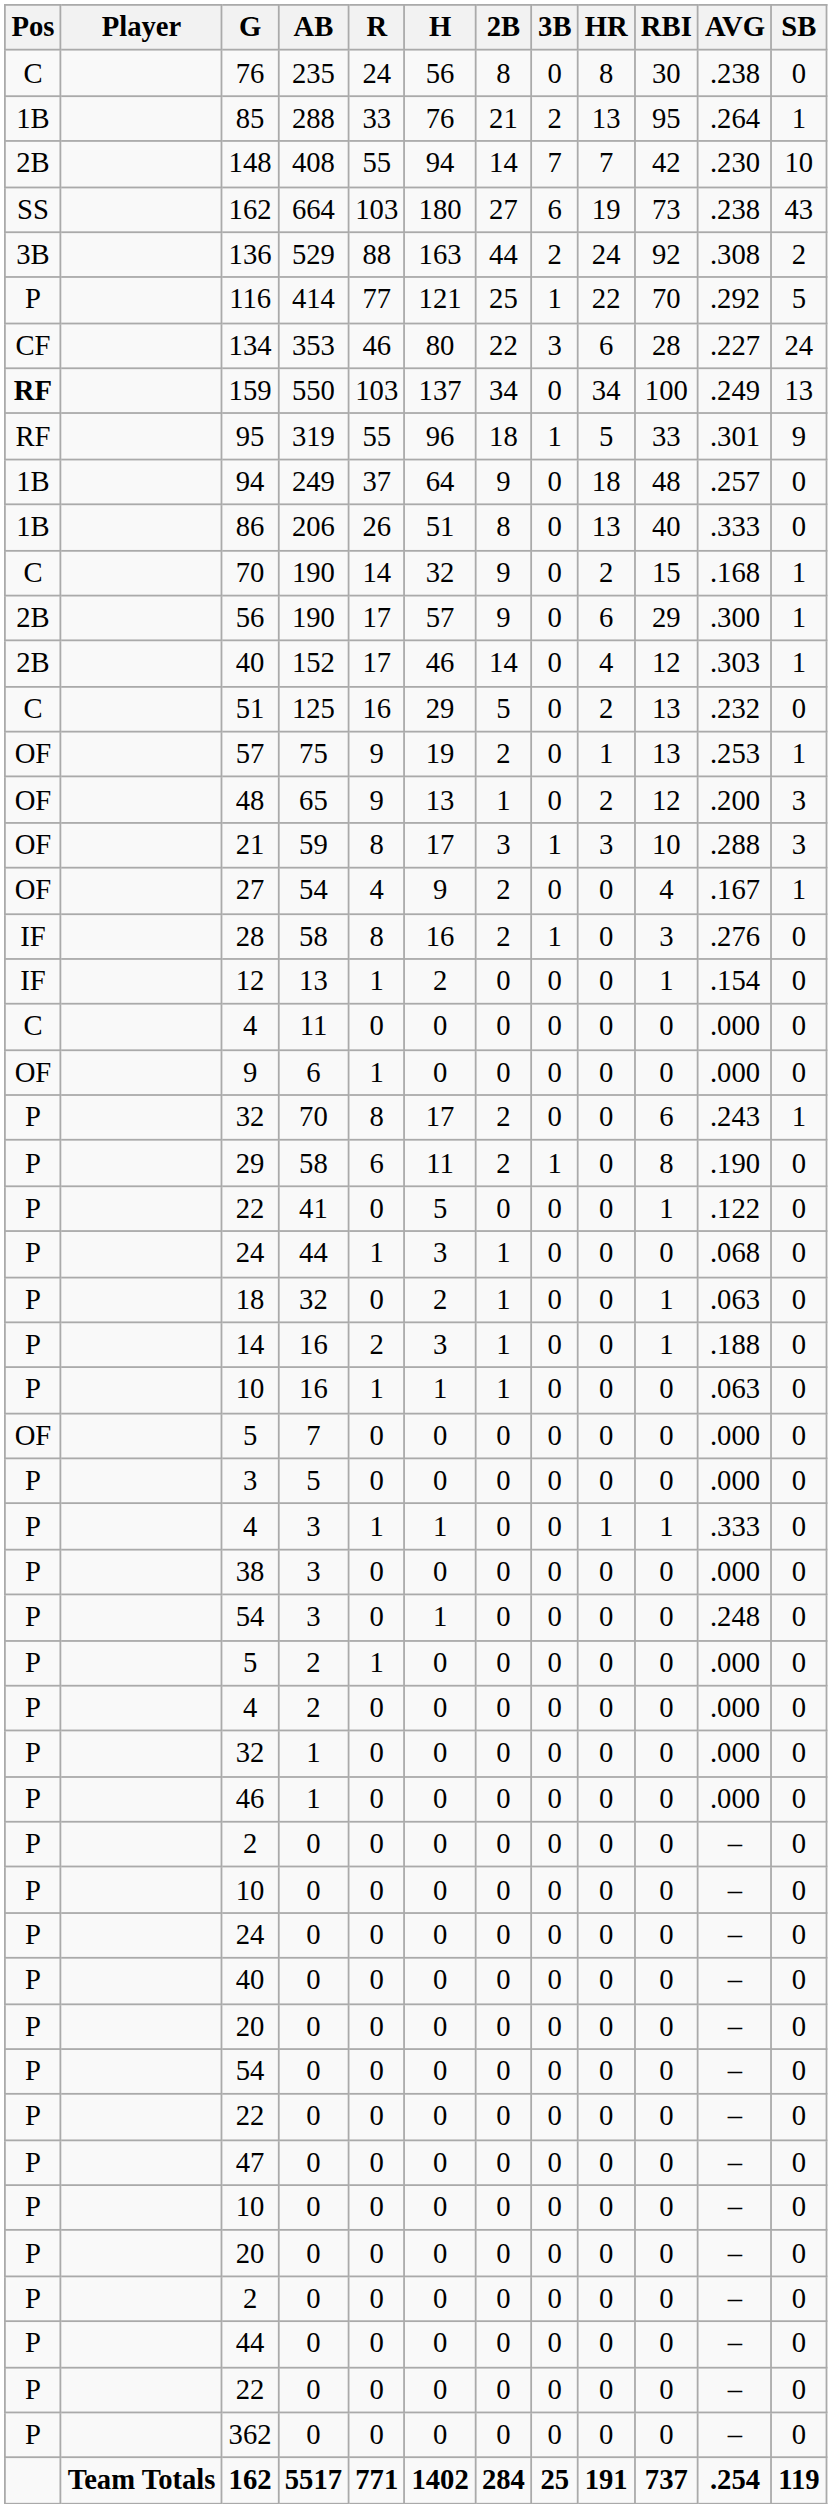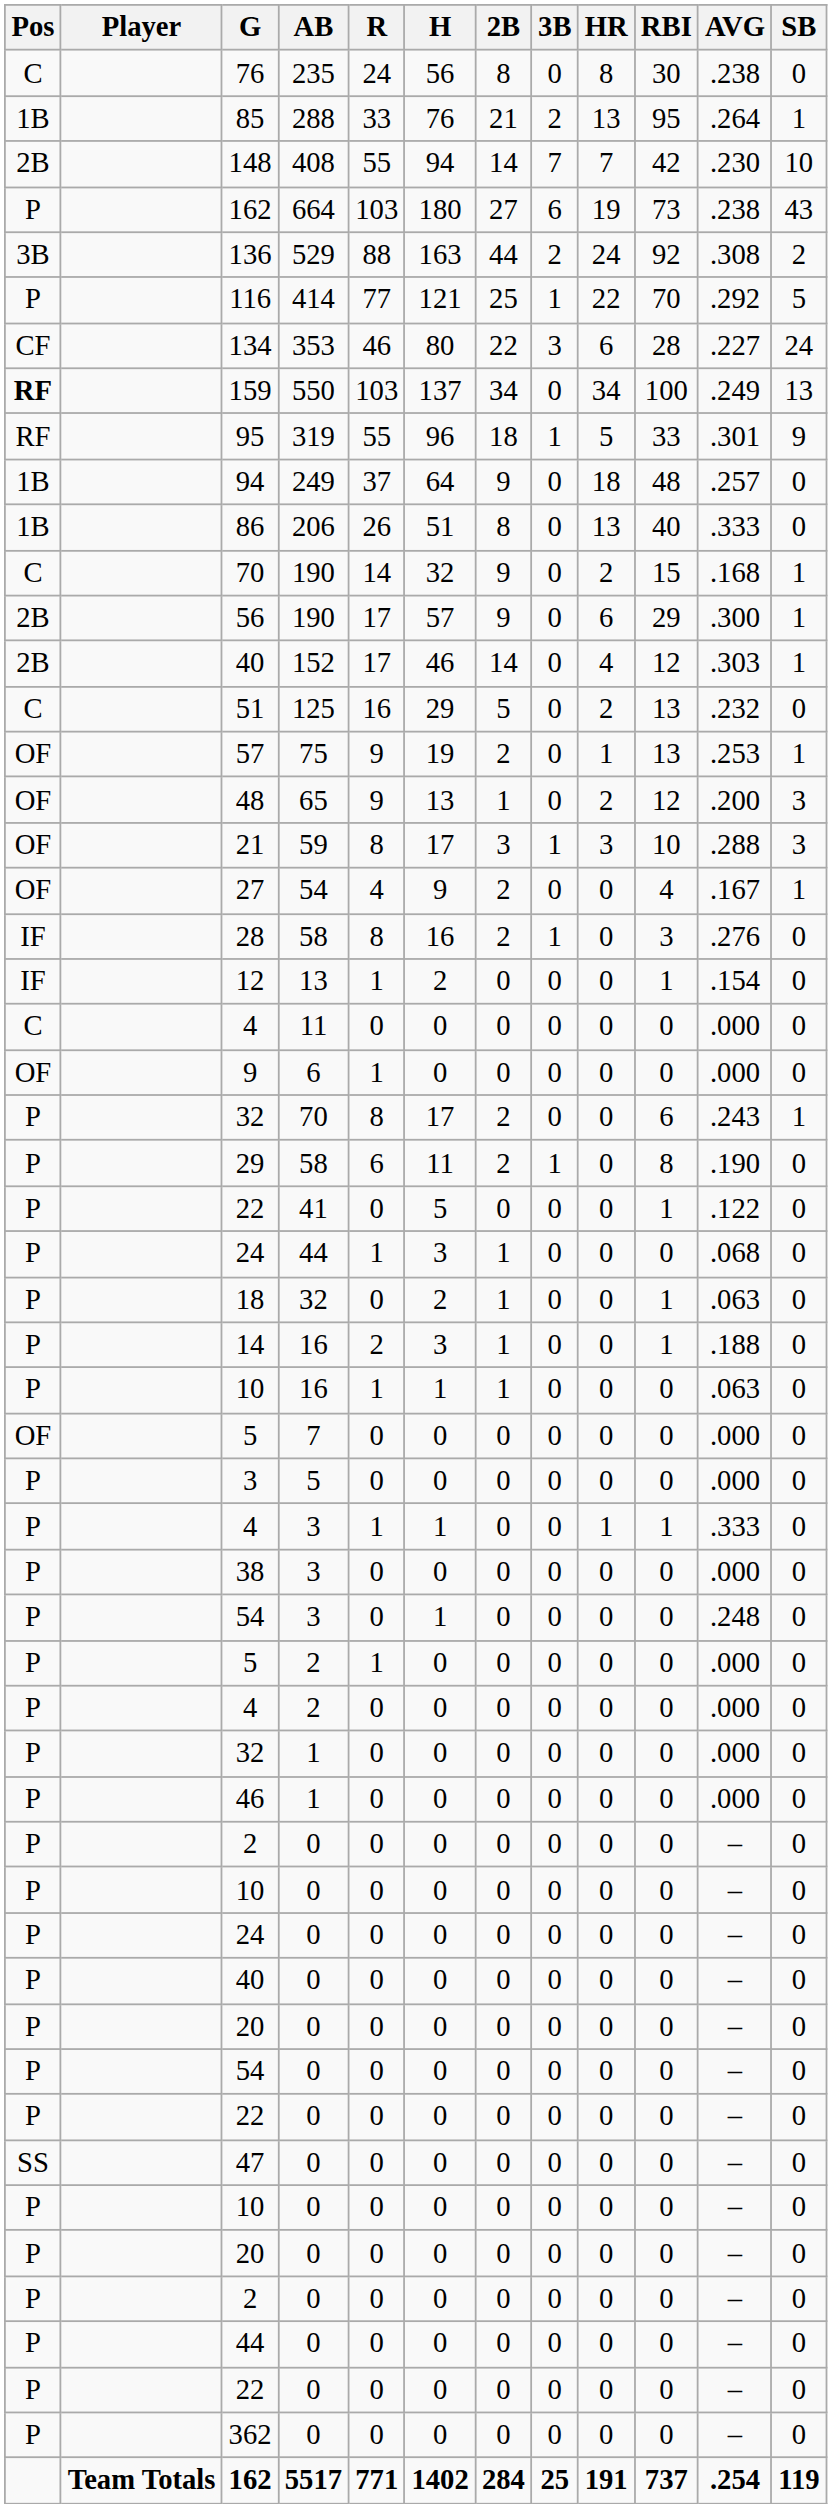 <table class="wikitable sortable">
 <tr>
 <th>Pos</th>
 <th>Player</th>
 <th>G</th>
 <th>AB</th>
 <th>R</th>
 <th>H</th>
 <th>2B</th>
 <th>3B</th>
 <th>HR</th>
 <th>RBI</th>
 <th>AVG</th>
 <th>SB</th>
 </tr>
 <tr align="center">
 <td>C</td>
 <td></td>
 <td>76</td>
 <td>235</td>
 <td>24</td>
 <td>56</td>
 <td>8</td>
 <td>0</td>
 <td>8</td>
 <td>30</td>
 <td>.238</td>
 <td>0</td>
 </tr>
 <tr align="center">
 <td>1B</td>
 <td></td>
 <td>85</td>
 <td>288</td>
 <td>33</td>
 <td>76</td>
 <td>21</td>
 <td>2</td>
 <td>13</td>
 <td>95</td>
 <td>.264</td>
 <td>1</td>
 </tr>
 <tr align="center">
 <td>2B</td>
 <td></td>
 <td>148</td>
 <td>408</td>
 <td>55</td>
 <td>94</td>
 <td>14</td>
 <td>7</td>
 <td>7</td>
 <td>42</td>
 <td>.230</td>
 <td>10</td>
 </tr>
 <tr align="center">
-<td>SS</td>
+<td>P</td>
 <td></td>
 <td>162</td>
 <td>664</td>
 <td>103</td>
 <td>180</td>
 <td>27</td>
 <td>6</td>
 <td>19</td>
 <td>73</td>
 <td>.238</td>
 <td>43</td>
 </tr>
 <tr align="center">
 <td>3B</td>
 <td></td>
 <td>136</td>
 <td>529</td>
 <td>88</td>
 <td>163</td>
 <td>44</td>
 <td>2</td>
 <td>24</td>
 <td>92</td>
 <td>.308</td>
 <td>2</td>
 </tr>
 <tr align="center">
 <td>P</td>
 <td></td>
 <td>116</td>
 <td>414</td>
 <td>77</td>
 <td>121</td>
 <td>25</td>
 <td>1</td>
 <td>22</td>
 <td>70</td>
 <td>.292</td>
 <td>5</td>
 </tr>
 <tr align="center">
 <td>CF</td>
 <td></td>
 <td>134</td>
 <td>353</td>
 <td>46</td>
 <td>80</td>
 <td>22</td>
 <td>3</td>
 <td>6</td>
 <td>28</td>
 <td>.227</td>
 <td>24</td>
 </tr>
 <tr align="center">
 <td><strong>RF</strong></td>
 <td></td>
 <td>159</td>
 <td>550</td>
 <td>103</td>
 <td>137</td>
 <td>34</td>
 <td>0</td>
 <td>34</td>
 <td>100</td>
 <td>.249</td>
 <td>13</td>
 </tr>
 <tr align="center">
 <td>RF</td>
 <td></td>
 <td>95</td>
 <td>319</td>
 <td>55</td>
 <td>96</td>
 <td>18</td>
 <td>1</td>
 <td>5</td>
 <td>33</td>
 <td>.301</td>
 <td>9</td>
 </tr>
 <tr align="center">
 <td>1B</td>
 <td></td>
 <td>94</td>
 <td>249</td>
 <td>37</td>
 <td>64</td>
 <td>9</td>
 <td>0</td>
 <td>18</td>
 <td>48</td>
 <td>.257</td>
 <td>0</td>
 </tr>
 <tr align="center">
 <td>1B</td>
 <td></td>
 <td>86</td>
 <td>206</td>
 <td>26</td>
 <td>51</td>
 <td>8</td>
 <td>0</td>
 <td>13</td>
 <td>40</td>
 <td>.333</td>
 <td>0</td>
 </tr>
 <tr align="center">
 <td>C</td>
 <td></td>
 <td>70</td>
 <td>190</td>
 <td>14</td>
 <td>32</td>
 <td>9</td>
 <td>0</td>
 <td>2</td>
 <td>15</td>
 <td>.168</td>
 <td>1</td>
 </tr>
 <tr align="center">
 <td>2B</td>
 <td></td>
 <td>56</td>
 <td>190</td>
 <td>17</td>
 <td>57</td>
 <td>9</td>
 <td>0</td>
 <td>6</td>
 <td>29</td>
 <td>.300</td>
 <td>1</td>
 </tr>
 <tr align="center">
 <td>2B</td>
 <td></td>
 <td>40</td>
 <td>152</td>
 <td>17</td>
 <td>46</td>
 <td>14</td>
 <td>0</td>
 <td>4</td>
 <td>12</td>
 <td>.303</td>
 <td>1</td>
 </tr>
 <tr align="center">
 <td>C</td>
 <td></td>
 <td>51</td>
 <td>125</td>
 <td>16</td>
 <td>29</td>
 <td>5</td>
 <td>0</td>
 <td>2</td>
 <td>13</td>
 <td>.232</td>
 <td>0</td>
 </tr>
 <tr align="center">
 <td>OF</td>
 <td></td>
 <td>57</td>
 <td>75</td>
 <td>9</td>
 <td>19</td>
 <td>2</td>
 <td>0</td>
 <td>1</td>
 <td>13</td>
 <td>.253</td>
 <td>1</td>
 </tr>
 <tr align="center">
 <td>OF</td>
 <td></td>
 <td>48</td>
 <td>65</td>
 <td>9</td>
 <td>13</td>
 <td>1</td>
 <td>0</td>
 <td>2</td>
 <td>12</td>
 <td>.200</td>
 <td>3</td>
 </tr>
 <tr align="center">
 <td>OF</td>
 <td></td>
 <td>21</td>
 <td>59</td>
 <td>8</td>
 <td>17</td>
 <td>3</td>
 <td>1</td>
 <td>3</td>
 <td>10</td>
 <td>.288</td>
 <td>3</td>
 </tr>
 <tr align="center">
 <td>OF</td>
 <td></td>
 <td>27</td>
 <td>54</td>
 <td>4</td>
 <td>9</td>
 <td>2</td>
 <td>0</td>
 <td>0</td>
 <td>4</td>
 <td>.167</td>
 <td>1</td>
 </tr>
 <tr align="center">
 <td>IF</td>
 <td></td>
 <td>28</td>
 <td>58</td>
 <td>8</td>
 <td>16</td>
 <td>2</td>
 <td>1</td>
 <td>0</td>
 <td>3</td>
 <td>.276</td>
 <td>0</td>
 </tr>
 <tr align="center">
 <td>IF</td>
 <td></td>
 <td>12</td>
 <td>13</td>
 <td>1</td>
 <td>2</td>
 <td>0</td>
 <td>0</td>
 <td>0</td>
 <td>1</td>
 <td>.154</td>
 <td>0</td>
 </tr>
 <tr align="center">
 <td>C</td>
 <td></td>
 <td>4</td>
 <td>11</td>
 <td>0</td>
 <td>0</td>
 <td>0</td>
 <td>0</td>
 <td>0</td>
 <td>0</td>
 <td>.000</td>
 <td>0</td>
 </tr>
 <tr align="center">
 <td>OF</td>
 <td></td>
 <td>9</td>
 <td>6</td>
 <td>1</td>
 <td>0</td>
 <td>0</td>
 <td>0</td>
 <td>0</td>
 <td>0</td>
 <td>.000</td>
 <td>0</td>
 </tr>
 <tr align="center">
 <td>P</td>
 <td></td>
 <td>32</td>
 <td>70</td>
 <td>8</td>
 <td>17</td>
 <td>2</td>
 <td>0</td>
 <td>0</td>
 <td>6</td>
 <td>.243</td>
 <td>1</td>
 </tr>
 <tr align="center">
 <td>P</td>
 <td></td>
 <td>29</td>
 <td>58</td>
 <td>6</td>
 <td>11</td>
 <td>2</td>
 <td>1</td>
 <td>0</td>
 <td>8</td>
 <td>.190</td>
 <td>0</td>
 </tr>
 <tr align="center">
 <td>P</td>
 <td></td>
 <td>22</td>
 <td>41</td>
 <td>0</td>
 <td>5</td>
 <td>0</td>
 <td>0</td>
 <td>0</td>
 <td>1</td>
 <td>.122</td>
 <td>0</td>
 </tr>
 <tr align="center">
 <td>P</td>
 <td></td>
 <td>24</td>
 <td>44</td>
 <td>1</td>
 <td>3</td>
 <td>1</td>
 <td>0</td>
 <td>0</td>
 <td>0</td>
 <td>.068</td>
 <td>0</td>
 </tr>
 <tr align="center">
 <td>P</td>
 <td></td>
 <td>18</td>
 <td>32</td>
 <td>0</td>
 <td>2</td>
 <td>1</td>
 <td>0</td>
 <td>0</td>
 <td>1</td>
 <td>.063</td>
 <td>0</td>
 </tr>
 <tr align="center">
 <td>P</td>
 <td></td>
 <td>14</td>
 <td>16</td>
 <td>2</td>
 <td>3</td>
 <td>1</td>
 <td>0</td>
 <td>0</td>
 <td>1</td>
 <td>.188</td>
 <td>0</td>
 </tr>
 <tr align="center">
 <td>P</td>
 <td></td>
 <td>10</td>
 <td>16</td>
 <td>1</td>
 <td>1</td>
 <td>1</td>
 <td>0</td>
 <td>0</td>
 <td>0</td>
 <td>.063</td>
 <td>0</td>
 </tr>
 <tr align="center">
 <td>OF</td>
 <td></td>
 <td>5</td>
 <td>7</td>
 <td>0</td>
 <td>0</td>
 <td>0</td>
 <td>0</td>
 <td>0</td>
 <td>0</td>
 <td>.000</td>
 <td>0</td>
 </tr>
 <tr align="center">
 <td>P</td>
 <td></td>
 <td>3</td>
 <td>5</td>
 <td>0</td>
 <td>0</td>
 <td>0</td>
 <td>0</td>
 <td>0</td>
 <td>0</td>
 <td>.000</td>
 <td>0</td>
 </tr>
 <tr align="center">
 <td>P</td>
 <td></td>
 <td>4</td>
 <td>3</td>
 <td>1</td>
 <td>1</td>
 <td>0</td>
 <td>0</td>
 <td>1</td>
 <td>1</td>
 <td>.333</td>
 <td>0</td>
 </tr>
 <tr align="center">
 <td>P</td>
 <td></td>
 <td>38</td>
 <td>3</td>
 <td>0</td>
 <td>0</td>
 <td>0</td>
 <td>0</td>
 <td>0</td>
 <td>0</td>
 <td>.000</td>
 <td>0</td>
 </tr>
 <tr align="center">
 <td>P</td>
 <td></td>
 <td>54</td>
 <td>3</td>
 <td>0</td>
 <td>1</td>
 <td>0</td>
 <td>0</td>
 <td>0</td>
 <td>0</td>
 <td>.248</td>
 <td>0</td>
 </tr>
 <tr align="center">
 <td>P</td>
 <td></td>
 <td>5</td>
 <td>2</td>
 <td>1</td>
 <td>0</td>
 <td>0</td>
 <td>0</td>
 <td>0</td>
 <td>0</td>
 <td>.000</td>
 <td>0</td>
 </tr>
 <tr align="center">
 <td>P</td>
 <td></td>
 <td>4</td>
 <td>2</td>
 <td>0</td>
 <td>0</td>
 <td>0</td>
 <td>0</td>
 <td>0</td>
 <td>0</td>
 <td>.000</td>
 <td>0</td>
 </tr>
 <tr align="center">
 <td>P</td>
 <td></td>
 <td>32</td>
 <td>1</td>
 <td>0</td>
 <td>0</td>
 <td>0</td>
 <td>0</td>
 <td>0</td>
 <td>0</td>
 <td>.000</td>
 <td>0</td>
 </tr>
 <tr align="center">
 <td>P</td>
 <td></td>
 <td>46</td>
 <td>1</td>
 <td>0</td>
 <td>0</td>
 <td>0</td>
 <td>0</td>
 <td>0</td>
 <td>0</td>
 <td>.000</td>
 <td>0</td>
 </tr>
 <tr align="center">
 <td>P</td>
 <td></td>
 <td>2</td>
 <td>0</td>
 <td>0</td>
 <td>0</td>
 <td>0</td>
 <td>0</td>
 <td>0</td>
 <td>0</td>
 <td>–</td>
 <td>0</td>
 </tr>
 <tr align="center">
 <td>P</td>
 <td></td>
 <td>10</td>
 <td>0</td>
 <td>0</td>
 <td>0</td>
 <td>0</td>
 <td>0</td>
 <td>0</td>
 <td>0</td>
 <td>–</td>
 <td>0</td>
 </tr>
 <tr align="center">
 <td>P</td>
 <td></td>
 <td>24</td>
 <td>0</td>
 <td>0</td>
 <td>0</td>
 <td>0</td>
 <td>0</td>
 <td>0</td>
 <td>0</td>
 <td>–</td>
 <td>0</td>
 </tr>
 <tr align="center">
 <td>P</td>
 <td></td>
 <td>40</td>
 <td>0</td>
 <td>0</td>
 <td>0</td>
 <td>0</td>
 <td>0</td>
 <td>0</td>
 <td>0</td>
 <td>–</td>
 <td>0</td>
 </tr>
 <tr align="center">
 <td>P</td>
 <td></td>
 <td>20</td>
 <td>0</td>
 <td>0</td>
 <td>0</td>
 <td>0</td>
 <td>0</td>
 <td>0</td>
 <td>0</td>
 <td>–</td>
 <td>0</td>
 </tr>
 <tr align="center">
 <td>P</td>
 <td></td>
 <td>54</td>
 <td>0</td>
 <td>0</td>
 <td>0</td>
 <td>0</td>
 <td>0</td>
 <td>0</td>
 <td>0</td>
 <td>–</td>
 <td>0</td>
 </tr>
 <tr align="center">
 <td>P</td>
 <td></td>
 <td>22</td>
 <td>0</td>
 <td>0</td>
 <td>0</td>
 <td>0</td>
 <td>0</td>
 <td>0</td>
 <td>0</td>
 <td>–</td>
 <td>0</td>
 </tr>
 <tr align="center">
-<td>P</td>
+<td>SS</td>
 <td></td>
 <td>47</td>
 <td>0</td>
 <td>0</td>
 <td>0</td>
 <td>0</td>
 <td>0</td>
 <td>0</td>
 <td>0</td>
 <td>–</td>
 <td>0</td>
 </tr>
 <tr align="center">
 <td>P</td>
 <td></td>
 <td>10</td>
 <td>0</td>
 <td>0</td>
 <td>0</td>
 <td>0</td>
 <td>0</td>
 <td>0</td>
 <td>0</td>
 <td>–</td>
 <td>0</td>
 </tr>
 <tr align="center">
 <td>P</td>
 <td></td>
 <td>20</td>
 <td>0</td>
 <td>0</td>
 <td>0</td>
 <td>0</td>
 <td>0</td>
 <td>0</td>
 <td>0</td>
 <td>–</td>
 <td>0</td>
 </tr>
 <tr align="center">
 <td>P</td>
 <td></td>
 <td>2</td>
 <td>0</td>
 <td>0</td>
 <td>0</td>
 <td>0</td>
 <td>0</td>
 <td>0</td>
 <td>0</td>
 <td>–</td>
 <td>0</td>
 </tr>
 <tr align="center">
 <td>P</td>
 <td></td>
 <td>44</td>
 <td>0</td>
 <td>0</td>
 <td>0</td>
 <td>0</td>
 <td>0</td>
 <td>0</td>
 <td>0</td>
 <td>–</td>
 <td>0</td>
 </tr>
 <tr align="center">
 <td>P</td>
 <td></td>
 <td>22</td>
 <td>0</td>
 <td>0</td>
 <td>0</td>
 <td>0</td>
 <td>0</td>
 <td>0</td>
 <td>0</td>
 <td>–</td>
 <td>0</td>
 </tr>
 <tr align="center">
 <td>P</td>
 <td></td>
 <td>362</td>
 <td>0</td>
 <td>0</td>
 <td>0</td>
 <td>0</td>
 <td>0</td>
 <td>0</td>
 <td>0</td>
 <td>–</td>
 <td>0</td>
 </tr>
 <tr align="center" class="unsortable">
 <td></td>
 <td><strong>Team Totals</strong></td>
 <td><strong>162</strong></td>
 <td><strong>5517</strong></td>
 <td><strong>771</strong></td>
 <td><strong>1402</strong></td>
 <td><strong>284</strong></td>
 <td><strong>25</strong></td>
 <td><strong>191</strong></td>
 <td><strong>737</strong></td>
 <td><strong>.254</strong></td>
 <td><strong>119</strong></td>
 </tr>
 </table>
